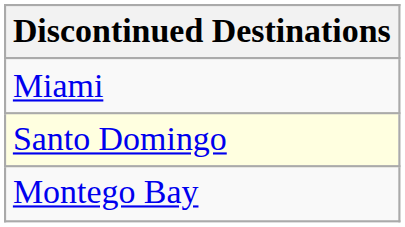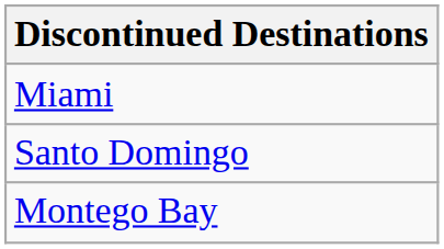 <table class="wikitable">
 <tr>
 <th>Discontinued Destinations</th>
 </tr>
 <tr>
 <td><a href='#'>Miami</a></td>
 </tr>
 <tr>
-<td style="background: lightyellow;"><a href='#'>Santo Domingo</a></td>
+<td><a href='#'>Santo Domingo</a></td>
 </tr>
 <tr>
 <td><a href='#'>Montego Bay</a></td>
 </tr>
 </table>
